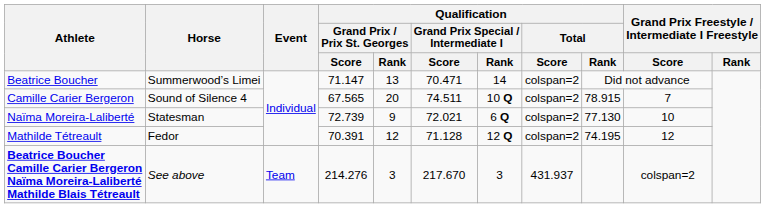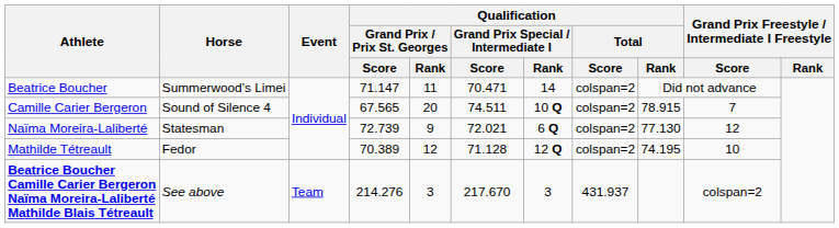 <table class=wikitable style=font-size:90%;text-align:center>
 <tr>
 <th rowspan=3>Athlete</th>
 <th rowspan=3>Horse</th>
 <th rowspan=3>Event</th>
 <th colspan=6>Qualification</th>
 <th colspan=2 rowspan=2>Grand Prix Freestyle /<br>Intermediate I Freestyle</th>
 </tr>
 <tr style=font-size:95%>
 <th colspan=2>Grand Prix /<br>Prix St. Georges</th>
 <th colspan=2>Grand Prix Special /<br>Intermediate I</th>
 <th colspan=2>Total</th>
 </tr>
 <tr style=font-size:95%>
 <th>Score</th>
 <th>Rank</th>
 <th>Score</th>
 <th>Rank</th>
 <th>Score</th>
 <th>Rank</th>
 <th>Score</th>
 <th>Rank</th>
 </tr>
 <tr>
 <td align=left><a href='#'>Beatrice Boucher</a></td>
 <td align=left>Summerwood’s Limei</td>
 <td align=left rowspan=4><a href='#'>Individual</a></td>
 <td>71.147</td>
-<td>13</td>
+<td>11</td>
 <td>70.471</td>
 <td>14</td>
 <td>colspan=2 </td>
 <td colspan=2>Did not advance</td>
 </tr>
 <tr>
 <td align=left><a href='#'>Camille Carier Bergeron</a></td>
 <td align=left>Sound of Silence 4</td>
 <td>67.565</td>
 <td>20</td>
 <td>74.511</td>
 <td>10 <strong>Q</strong></td>
 <td>colspan=2 </td>
 <td>78.915</td>
 <td>7</td>
 </tr>
 <tr>
 <td align=left><a href='#'>Naïma Moreira-Laliberté</a></td>
 <td align=left>Statesman</td>
 <td>72.739</td>
 <td>9</td>
 <td>72.021</td>
 <td>6 <strong>Q</strong></td>
 <td>colspan=2 </td>
 <td>77.130</td>
-<td>10</td>
+<td>12</td>
 </tr>
 <tr>
 <td align=left><a href='#'>Mathilde Tétreault</a></td>
 <td align=left>Fedor</td>
-<td>70.391</td>
+<td>70.389</td>
 <td>12</td>
 <td>71.128</td>
 <td>12 <strong>Q</strong></td>
 <td>colspan=2 </td>
 <td>74.195</td>
-<td>12</td>
+<td>10</td>
 </tr>
 <tr>
 <td align=left><strong><a href='#'>Beatrice Boucher</a><br><a href='#'>Camille Carier Bergeron</a><br><a href='#'>Naïma Moreira-Laliberté</a><br><a href='#'>Mathilde Blais Tétreault</a></strong></td>
 <td align=left><em>See above</em></td>
 <td align=left><a href='#'>Team</a></td>
 <td>214.276</td>
 <td>3</td>
 <td>217.670</td>
 <td>3</td>
 <td>431.937</td>
 <td></td>
 <td>colspan=2 </td>
 </tr>
 </table>
